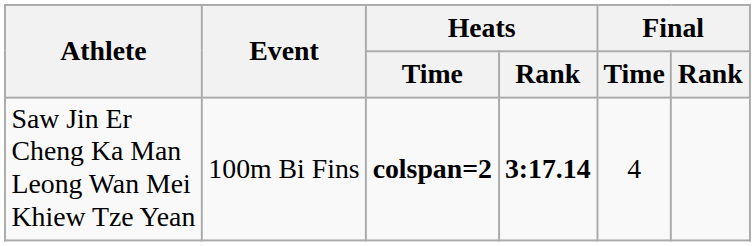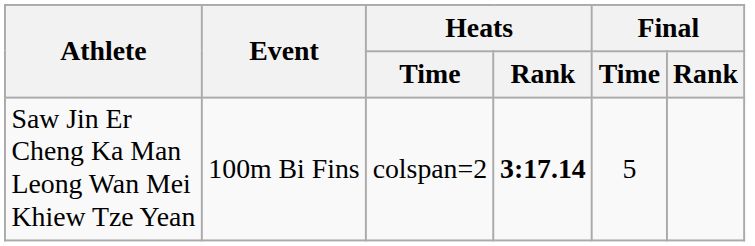 <table class="wikitable" style="font-size:90%">
 <tr>
 <th rowspan="2">Athlete</th>
 <th rowspan="2">Event</th>
 <th colspan="2">Heats</th>
 <th colspan="2">Final</th>
 </tr>
 <tr>
 <th>Time</th>
 <th>Rank</th>
 <th>Time</th>
 <th>Rank</th>
 </tr>
 <tr align="center">
 <td align="left">Saw Jin Er<br>Cheng Ka Man<br>Leong Wan Mei<br>Khiew Tze Yean</td>
 <td align="left" rowspan=2>100m Bi Fins</td>
-<td><strong>colspan=2 </strong></td>
+<td>colspan=2 </td>
 <td><strong>3:17.14</strong></td>
-<td>4</td>
+<td>5</td>
 </tr>
 </table>
